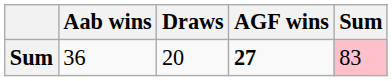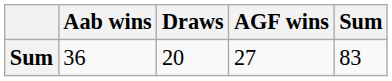 <table class="wikitable">
 <tr>
 <th></th>
 <th>Aab wins</th>
 <th>Draws</th>
 <th>AGF wins</th>
 <th>Sum</th>
 </tr>
 <tr>
 <th>Sum</th>
 <td>36</td>
 <td>20</td>
-<td><strong>27</strong></td>
-<td style="background: pink;">83</td>
+<td>27</td>
+<td>83</td>
 </tr>
 </table>
